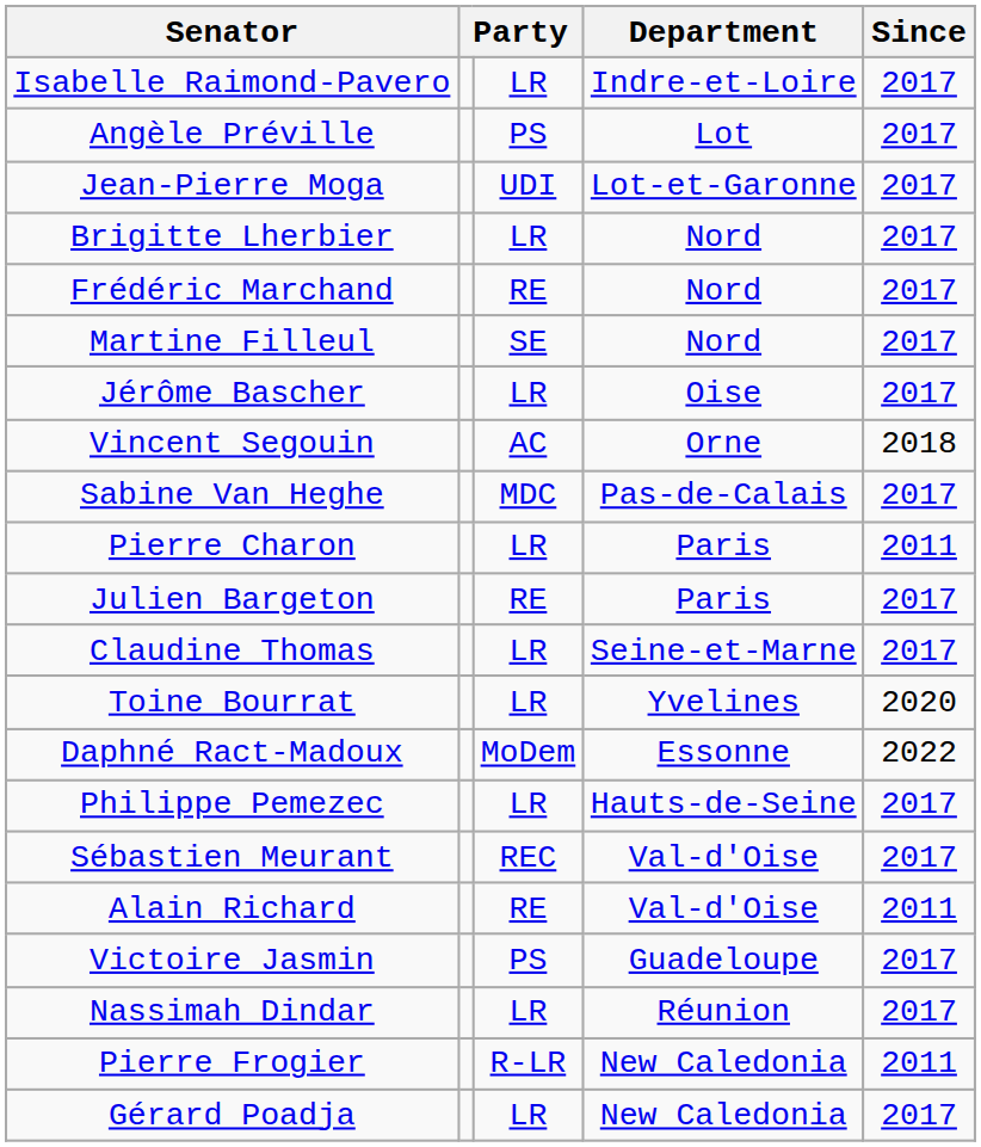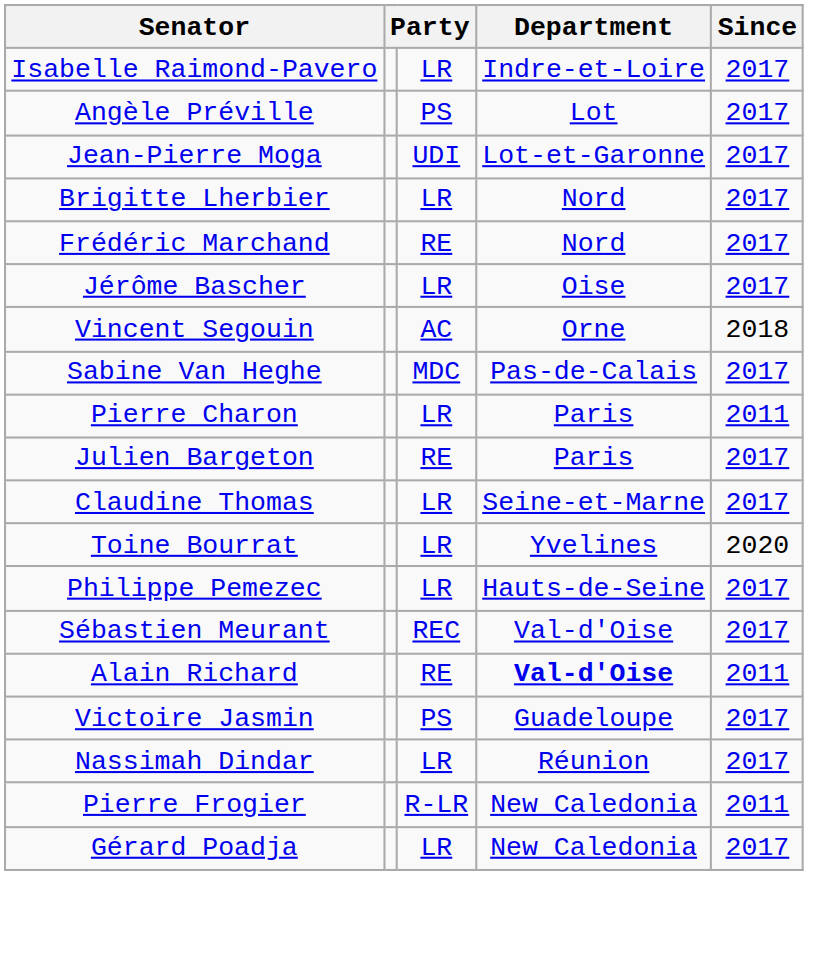 <table class="wikitable sortable" style="text-align:center">
 <tr>
 <th>Senator</th>
 <th colspan=2>Party</th>
 <th>Department</th>
 <th>Since</th>
 </tr>
 <tr>
 <td><a href='#'>Isabelle Raimond-Pavero</a></td>
 <td style="background:"></td>
 <td><a href='#'>LR</a></td>
 <td><a href='#'>Indre-et-Loire</a></td>
 <td><a href='#'>2017</a></td>
 </tr>
 <tr>
 <td><a href='#'>Angèle Préville</a></td>
 <td style="background:"></td>
 <td><a href='#'>PS</a></td>
 <td><a href='#'>Lot</a></td>
 <td><a href='#'>2017</a></td>
 </tr>
 <tr>
 <td><a href='#'>Jean-Pierre Moga</a></td>
 <td style="background:"></td>
 <td><a href='#'>UDI</a></td>
 <td><a href='#'>Lot-et-Garonne</a></td>
 <td><a href='#'>2017</a></td>
 </tr>
 <tr>
 <td><a href='#'>Brigitte Lherbier</a></td>
 <td style="background:"></td>
 <td><a href='#'>LR</a></td>
 <td><a href='#'>Nord</a></td>
 <td><a href='#'>2017</a></td>
 </tr>
 <tr>
 <td><a href='#'>Frédéric Marchand</a></td>
 <td style="background:"></td>
 <td><a href='#'>RE</a></td>
-<td><a href='#'>Nord</a></td>
-<td><a href='#'>2017</a></td>
-</tr>
-<tr>
-<td><a href='#'>Martine Filleul</a></td>
-<td style="background:"></td>
-<td><a href='#'>SE</a></td>
 <td><a href='#'>Nord</a></td>
 <td><a href='#'>2017</a></td>
 </tr>
 <tr>
 <td><a href='#'>Jérôme Bascher</a></td>
 <td style="background:"></td>
 <td><a href='#'>LR</a></td>
 <td><a href='#'>Oise</a></td>
 <td><a href='#'>2017</a></td>
 </tr>
 <tr>
 <td><a href='#'>Vincent Segouin</a></td>
 <td style="background:"></td>
 <td><a href='#'>AC</a></td>
 <td><a href='#'>Orne</a></td>
 <td>2018</td>
 </tr>
 <tr>
 <td><a href='#'>Sabine Van Heghe</a></td>
 <td style="background:"></td>
 <td><a href='#'>MDC</a></td>
 <td><a href='#'>Pas-de-Calais</a></td>
 <td><a href='#'>2017</a></td>
 </tr>
 <tr>
 <td><a href='#'>Pierre Charon</a></td>
 <td style="background:"></td>
 <td><a href='#'>LR</a></td>
 <td><a href='#'>Paris</a></td>
 <td><a href='#'>2011</a></td>
 </tr>
 <tr>
 <td><a href='#'>Julien Bargeton</a></td>
 <td style="background:"></td>
 <td><a href='#'>RE</a></td>
 <td><a href='#'>Paris</a></td>
 <td><a href='#'>2017</a></td>
 </tr>
 <tr>
 <td><a href='#'>Claudine Thomas</a></td>
 <td style="background:"></td>
 <td><a href='#'>LR</a></td>
 <td><a href='#'>Seine-et-Marne</a></td>
 <td><a href='#'>2017</a></td>
 </tr>
 <tr>
 <td><a href='#'>Toine Bourrat</a></td>
 <td style="background:"></td>
 <td><a href='#'>LR</a></td>
 <td><a href='#'>Yvelines</a></td>
 <td>2020</td>
 </tr>
 <tr>
-<td><a href='#'>Daphné Ract-Madoux</a></td>
-<td style="background:"></td>
-<td><a href='#'>MoDem</a></td>
-<td><a href='#'>Essonne</a></td>
-<td>2022</td>
-</tr>
-<tr>
 <td><a href='#'>Philippe Pemezec</a></td>
 <td style="background:"></td>
 <td><a href='#'>LR</a></td>
 <td><a href='#'>Hauts-de-Seine</a></td>
 <td><a href='#'>2017</a></td>
 </tr>
 <tr>
 <td><a href='#'>Sébastien Meurant</a></td>
 <td style="background:"></td>
 <td><a href='#'>REC</a></td>
 <td><a href='#'>Val-d'Oise</a></td>
 <td><a href='#'>2017</a></td>
 </tr>
 <tr>
 <td><a href='#'>Alain Richard</a></td>
 <td style="background:"></td>
 <td><a href='#'>RE</a></td>
-<td><a href='#'>Val-d'Oise</a></td>
+<td><strong><a href='#'>Val-d'Oise</a></strong></td>
 <td><a href='#'>2011</a></td>
 </tr>
 <tr>
 <td><a href='#'>Victoire Jasmin</a></td>
 <td style="background:"></td>
 <td><a href='#'>PS</a></td>
 <td><a href='#'>Guadeloupe</a></td>
 <td><a href='#'>2017</a></td>
 </tr>
 <tr>
 <td><a href='#'>Nassimah Dindar</a></td>
 <td style="background:"></td>
 <td><a href='#'>LR</a></td>
 <td><a href='#'>Réunion</a></td>
 <td><a href='#'>2017</a></td>
 </tr>
 <tr>
 <td><a href='#'>Pierre Frogier</a></td>
 <td style="background:"></td>
 <td><a href='#'>R-LR</a></td>
 <td><a href='#'>New Caledonia</a></td>
 <td><a href='#'>2011</a></td>
 </tr>
 <tr>
 <td><a href='#'>Gérard Poadja</a></td>
 <td style="background:"></td>
 <td><a href='#'>LR</a></td>
 <td><a href='#'>New Caledonia</a></td>
 <td><a href='#'>2017</a></td>
 </tr>
 </table>
